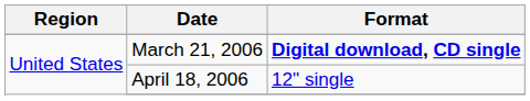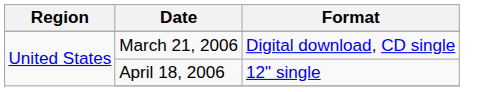 <table class="wikitable">
 <tr>
 <th>Region</th>
 <th>Date</th>
 <th>Format</th>
 </tr>
 <tr>
 </tr>
 <tr>
 <td rowspan="3"><a href='#'>United States</a></td>
 <td>March 21, 2006</td>
-<td><strong><a href='#'>Digital download</a>, <a href='#'>CD single</a></strong></td>
+<td><a href='#'>Digital download</a>, <a href='#'>CD single</a></td>
 </tr>
 <tr>
 <td>April 18, 2006</td>
 <td><a href='#'>12" single</a></td>
 </tr>
 <tr>
 </tr>
 </table>
